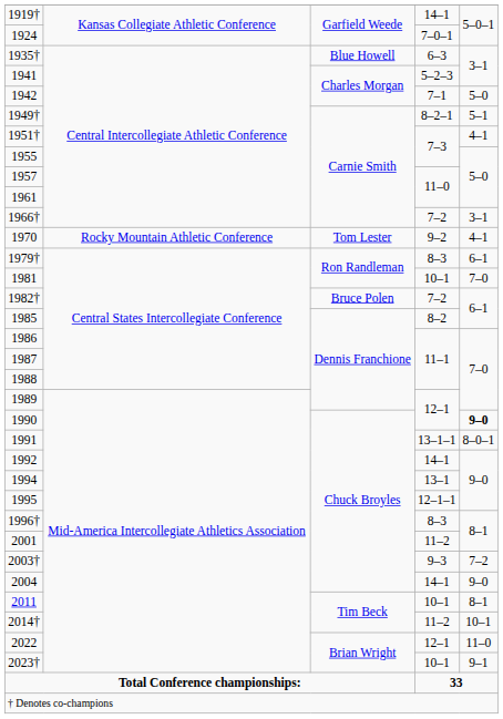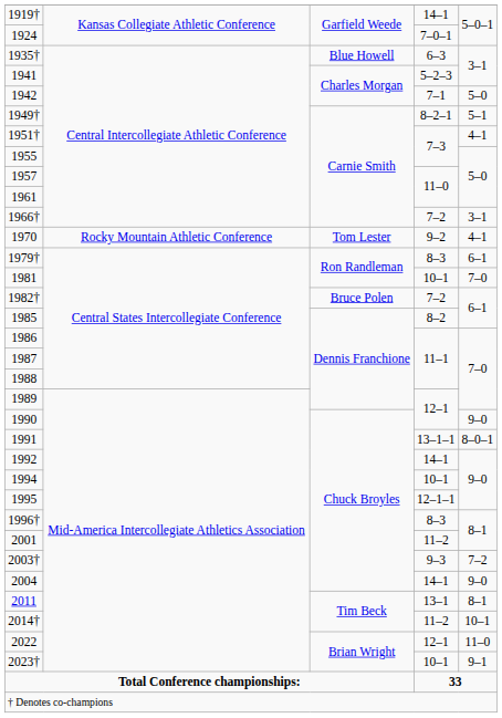 <table class="wikitable" width="70%">
 <tr>
 </tr>
 <tr align="center">
 <td>1919†</td>
 <td rowspan="2"><a href='#'>Kansas Collegiate Athletic Conference</a></td>
 <td rowspan="2"><a href='#'>Garfield Weede</a></td>
 <td>14–1</td>
 <td rowspan="2">5–0–1</td>
 </tr>
 <tr align="center">
 <td>1924</td>
 <td>7–0–1</td>
 </tr>
 <tr align="center">
 <td>1935†</td>
 <td rowspan="9"><a href='#'>Central Intercollegiate Athletic Conference</a></td>
 <td><a href='#'>Blue Howell</a></td>
 <td>6–3</td>
 <td rowspan="2">3–1</td>
 </tr>
 <tr align="center">
 <td>1941</td>
 <td rowspan="2"><a href='#'>Charles Morgan</a></td>
 <td>5–2–3</td>
 </tr>
 <tr align="center">
 <td>1942</td>
 <td>7–1</td>
 <td>5–0</td>
 </tr>
 <tr align="center">
 <td>1949†</td>
 <td rowspan="6"><a href='#'>Carnie Smith</a></td>
 <td>8–2–1</td>
 <td>5–1</td>
 </tr>
 <tr align="center">
 <td>1951†</td>
 <td rowspan="2">7–3</td>
 <td>4–1</td>
 </tr>
 <tr align="center">
 <td>1955</td>
 <td rowspan="3">5–0</td>
 </tr>
 <tr align="center">
 <td>1957</td>
 <td rowspan="2">11–0</td>
 </tr>
 <tr align="center">
 <td>1961</td>
 </tr>
 <tr align="center">
 <td>1966†</td>
 <td>7–2</td>
 <td>3–1</td>
 </tr>
 <tr align="center">
 <td>1970</td>
 <td><a href='#'>Rocky Mountain Athletic Conference</a></td>
 <td><a href='#'>Tom Lester</a></td>
 <td>9–2</td>
 <td>4–1</td>
 </tr>
 <tr align="center">
 <td>1979†</td>
 <td rowspan="7"><a href='#'>Central States Intercollegiate Conference</a></td>
 <td rowspan="2"><a href='#'>Ron Randleman</a></td>
 <td>8–3</td>
 <td>6–1</td>
 </tr>
 <tr align="center">
 <td>1981</td>
 <td>10–1</td>
 <td>7–0</td>
 </tr>
 <tr align="center">
 <td>1982†</td>
 <td><a href='#'>Bruce Polen</a></td>
 <td>7–2</td>
 <td rowspan="2">6–1</td>
 </tr>
 <tr align="center">
 <td>1985</td>
 <td rowspan="5"><a href='#'>Dennis Franchione</a></td>
 <td>8–2</td>
 </tr>
 <tr align="center">
 <td>1986</td>
 <td rowspan="3">11–1</td>
 <td rowspan="4">7–0</td>
 </tr>
 <tr align="center">
 <td>1987</td>
 </tr>
 <tr align="center">
 <td>1988</td>
 </tr>
 <tr align="center">
 <td>1989</td>
 <td rowspan="14"><a href='#'>Mid-America Intercollegiate Athletics Association</a></td>
 <td rowspan="2">12–1</td>
 </tr>
 <tr align="center">
 <td>1990</td>
 <td rowspan="9"><a href='#'>Chuck Broyles</a></td>
-<td><strong>9–0</strong></td>
+<td>9–0</td>
 </tr>
 <tr align="center">
 <td>1991</td>
 <td>13–1–1</td>
 <td>8–0–1</td>
 </tr>
 <tr align="center">
 <td>1992</td>
 <td>14–1</td>
 <td rowspan="3">9–0</td>
 </tr>
 <tr align="center">
 <td>1994</td>
-<td>13–1</td>
+<td>10–1</td>
 </tr>
 <tr align="center">
 <td>1995</td>
 <td>12–1–1</td>
 </tr>
 <tr align="center">
 <td>1996†</td>
 <td>8–3</td>
 <td rowspan="2">8–1</td>
 </tr>
 <tr align="center">
 <td>2001</td>
 <td>11–2</td>
 </tr>
 <tr align="center">
 <td>2003†</td>
 <td>9–3</td>
 <td>7–2</td>
 </tr>
 <tr align="center">
 <td>2004</td>
 <td>14–1</td>
 <td>9–0</td>
 </tr>
 <tr align="center">
 <td><a href='#'>2011</a></td>
 <td rowspan="2"><a href='#'>Tim Beck</a></td>
-<td>10–1</td>
+<td>13–1</td>
 <td>8–1</td>
 </tr>
 <tr align="center">
 <td>2014†</td>
 <td>11–2</td>
 <td>10–1</td>
 </tr>
 <tr align="center">
 <td>2022</td>
 <td rowspan="2"><a href='#'>Brian Wright</a></td>
 <td>12–1</td>
 <td>11–0</td>
 </tr>
 <tr align="center">
 <td>2023†</td>
 <td>10–1</td>
 <td>9–1</td>
 </tr>
 <tr align="center">
 <td colspan=3><strong>Total Conference championships:</strong></td>
 <td colspan=2><strong>33</strong></td>
 </tr>
 <tr>
 <td colspan=7><small>† Denotes co-champions</small></td>
 </tr>
 </table>
